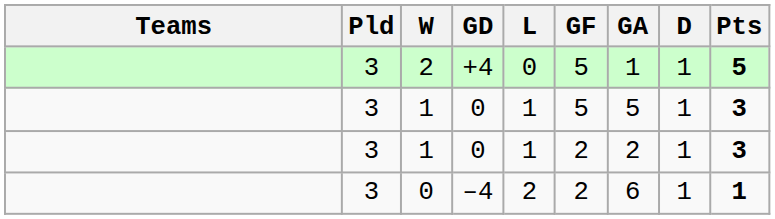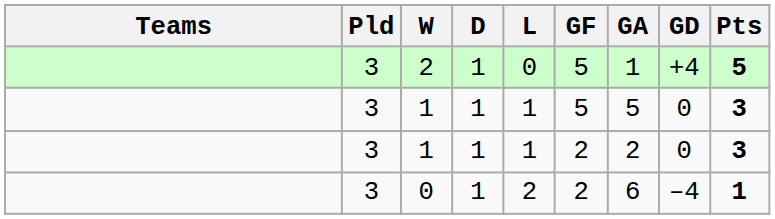 <table class="wikitable" style="text-align: center;">
 <tr>
 <th width=165>Teams</th>
 <th width=20>Pld</th>
 <th width=20>W</th>
-<th width=20>GD</th>
+<th width=20>D</th>
 <th width=20>L</th>
 <th width=20>GF</th>
 <th width=20>GA</th>
-<th width=20>D</th>
+<th width=20>GD</th>
 <th width=20>Pts</th>
 </tr>
 <tr align=center style="background:#ccffcc;">
 <td style="text-align:left;"></td>
 <td>3</td>
 <td>2</td>
-<td>+4</td>
+<td>1</td>
 <td>0</td>
 <td>5</td>
 <td>1</td>
-<td>1</td>
+<td>+4</td>
 <td><strong>5</strong></td>
 </tr>
 <tr align=center>
 <td style="text-align:left;"></td>
 <td>3</td>
 <td>1</td>
-<td>0</td>
+<td>1</td>
 <td>1</td>
 <td>5</td>
 <td>5</td>
-<td>1</td>
+<td>0</td>
 <td><strong>3</strong></td>
 </tr>
 <tr align=center>
 <td style="text-align:left;"></td>
 <td>3</td>
 <td>1</td>
-<td>0</td>
+<td>1</td>
 <td>1</td>
 <td>2</td>
 <td>2</td>
-<td>1</td>
+<td>0</td>
 <td><strong>3</strong></td>
 </tr>
 <tr align=center>
 <td style="text-align:left;"></td>
 <td>3</td>
 <td>0</td>
-<td>–4</td>
+<td>1</td>
 <td>2</td>
 <td>2</td>
 <td>6</td>
-<td>1</td>
+<td>–4</td>
 <td><strong>1</strong></td>
 </tr>
 </table>
